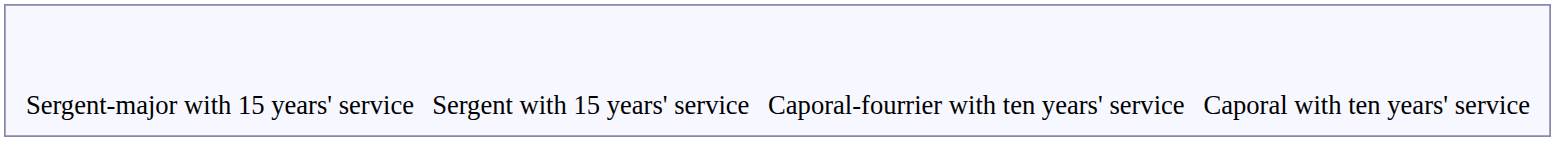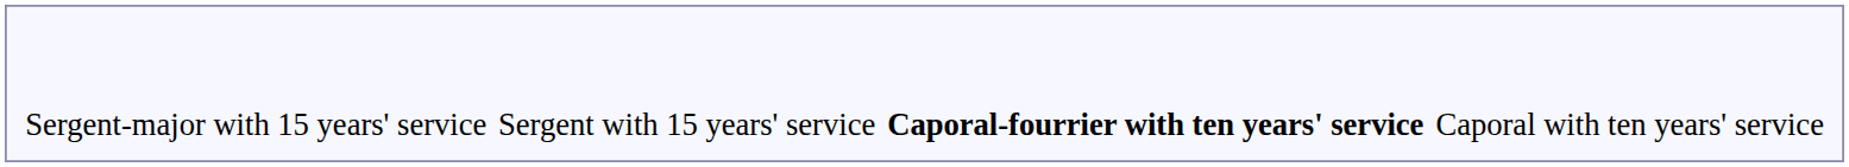 <table style="border:1px solid #8888aa; background-color:#f7f8ff; padding:5px; font-size:95%; margin: 0px 12px 12px 0px;" width="100%">
 <tr align="center">
 <td><br></td>
 <td><br><br></td>
 <td><br></td>
 <td><br></td>
 </tr>
 <tr align="center">
 <td>Sergent-major with 15 years' service</td>
 <td>Sergent with 15 years' service</td>
-<td>Caporal-fourrier with ten years' service</td>
+<td><strong>Caporal-fourrier with ten years' service</strong></td>
 <td>Caporal with ten years' service</td>
 </tr>
 </table>
